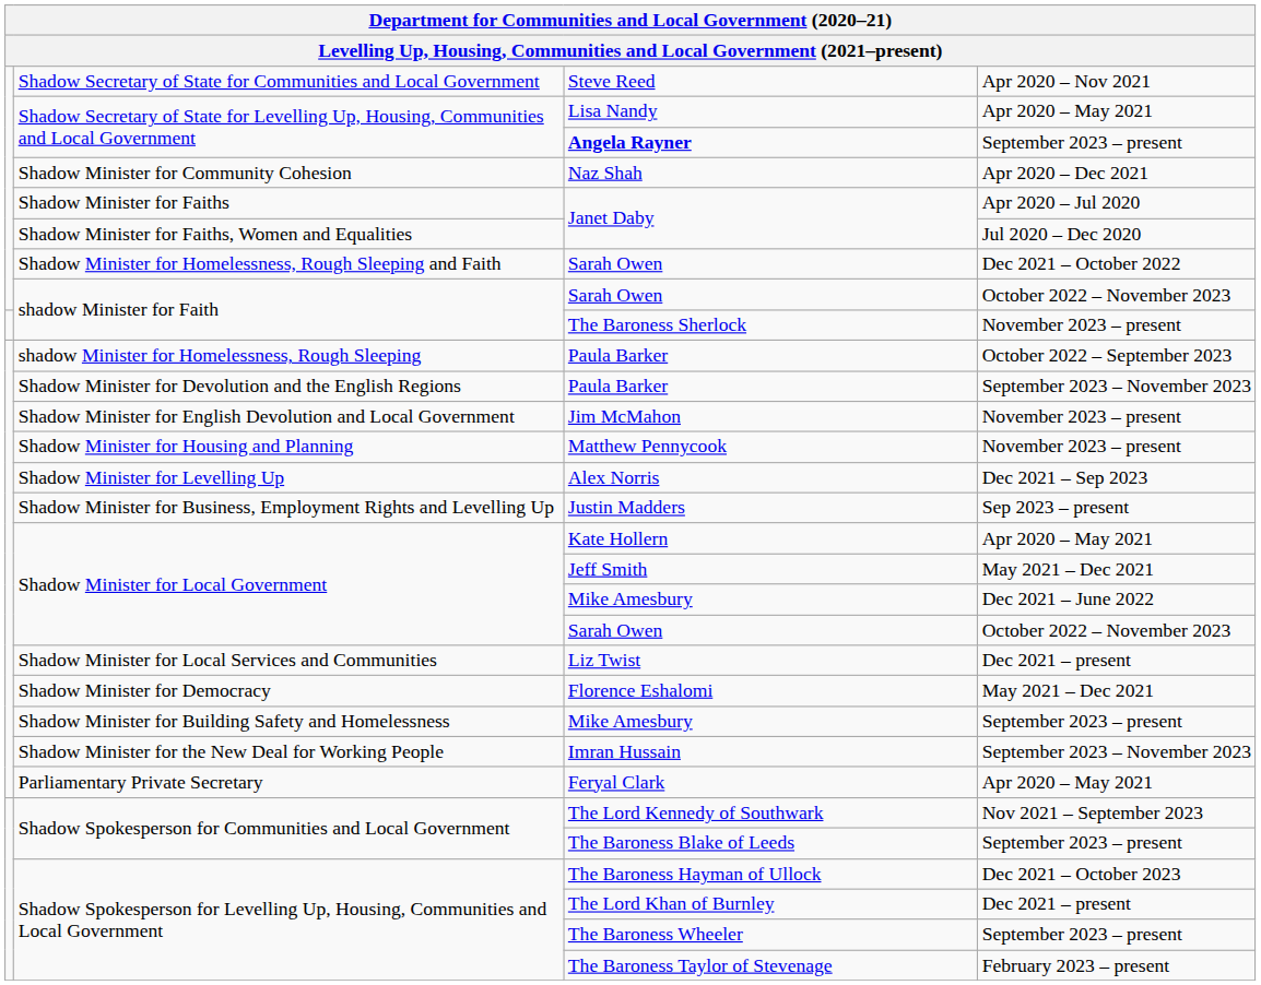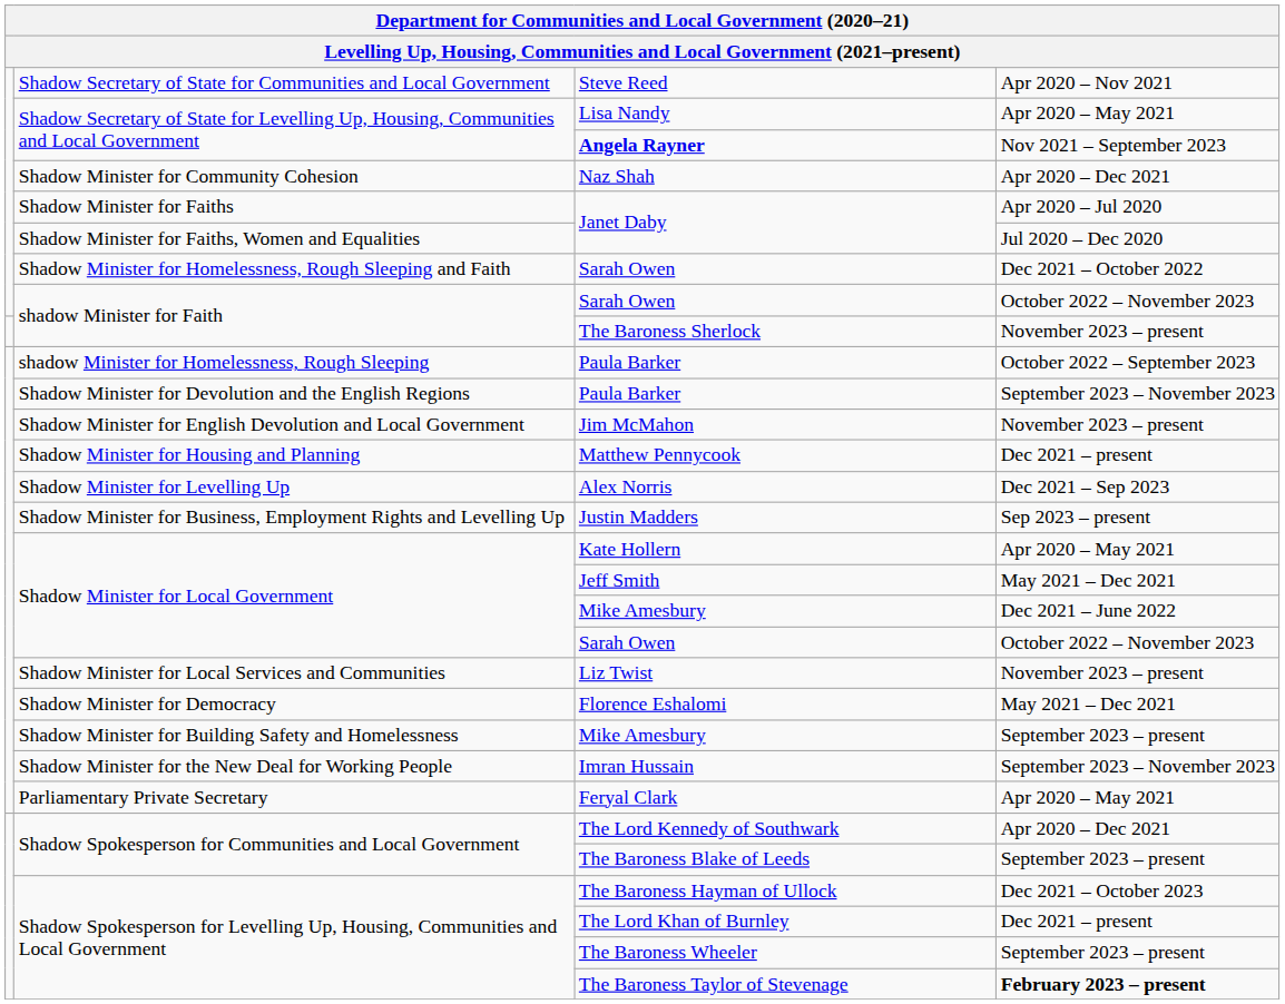 <table class="wikitable">
 <tr>
 <th colspan="4"><a href='#'>Department for Communities and Local Government</a> (2020–21)</th>
 </tr>
 <tr>
 <th colspan="4"><a href='#'>Levelling Up, Housing, Communities and Local Government</a> (2021–present)</th>
 </tr>
 <tr>
 <td rowspan="8" style="background: "></td>
 <td style="width: 450px;"><a href='#'>Shadow Secretary of State for Communities and Local Government</a></td>
 <td style="width: 337px;"><a href='#'>Steve Reed</a></td>
 <td>Apr 2020 – Nov 2021</td>
 </tr>
 <tr>
 <td rowspan="2"><a href='#'>Shadow Secretary of State for Levelling Up, Housing, Communities and Local Government</a></td>
 <td><a href='#'>Lisa Nandy</a></td>
 <td>Apr 2020 – May 2021</td>
 </tr>
 <tr>
 <td><strong><a href='#'>Angela Rayner</a></strong></td>
-<td>September 2023 – present</td>
+<td>Nov 2021 – September 2023</td>
 </tr>
 <tr>
 <td>Shadow Minister for Community Cohesion</td>
 <td><a href='#'>Naz Shah</a></td>
 <td>Apr 2020 – Dec 2021</td>
 </tr>
 <tr>
 <td>Shadow Minister for Faiths</td>
 <td rowspan="2"><a href='#'>Janet Daby</a></td>
 <td>Apr 2020 – Jul 2020</td>
 </tr>
 <tr>
 <td>Shadow Minister for Faiths, Women and Equalities</td>
 <td>Jul 2020 – Dec 2020</td>
 </tr>
 <tr>
 <td>Shadow <a href='#'>Minister for Homelessness, Rough Sleeping</a> and Faith</td>
 <td><a href='#'>Sarah Owen</a></td>
 <td>Dec 2021 – October 2022</td>
 </tr>
 <tr>
 <td rowspan="2">shadow Minister for Faith</td>
 <td><a href='#'>Sarah Owen</a></td>
 <td>October 2022 – November 2023</td>
 </tr>
 <tr>
 <td style="background: "></td>
 <td><a href='#'>The Baroness Sherlock</a></td>
 <td>November 2023 – present</td>
 </tr>
 <tr>
 <td rowspan="15" style="background: "></td>
 <td>shadow <a href='#'>Minister for Homelessness, Rough Sleeping</a></td>
 <td><a href='#'>Paula Barker</a></td>
 <td>October 2022 – September 2023</td>
 </tr>
 <tr>
 <td>Shadow Minister for Devolution and the English Regions</td>
 <td><a href='#'>Paula Barker</a></td>
 <td>September 2023 – November 2023</td>
 </tr>
 <tr>
 <td>Shadow Minister for English Devolution and Local Government</td>
 <td><a href='#'>Jim McMahon</a></td>
 <td>November 2023 – present</td>
 </tr>
 <tr>
 <td>Shadow <a href='#'>Minister for Housing and Planning</a></td>
 <td><a href='#'>Matthew Pennycook</a></td>
-<td>November 2023 – present</td>
+<td>Dec 2021 – present</td>
 </tr>
 <tr>
 <td>Shadow <a href='#'>Minister for Levelling Up</a></td>
 <td><a href='#'>Alex Norris</a></td>
 <td>Dec 2021 – Sep 2023</td>
 </tr>
 <tr>
 <td>Shadow Minister for Business, Employment Rights and Levelling Up</td>
 <td><a href='#'>Justin Madders</a></td>
 <td>Sep 2023 – present</td>
 </tr>
 <tr>
 <td rowspan="4">Shadow <a href='#'>Minister for Local Government</a></td>
 <td><a href='#'>Kate Hollern</a></td>
 <td>Apr 2020 – May 2021</td>
 </tr>
 <tr>
 <td><a href='#'>Jeff Smith</a></td>
 <td>May 2021 – Dec 2021</td>
 </tr>
 <tr>
 <td><a href='#'>Mike Amesbury</a></td>
 <td>Dec 2021 – June 2022</td>
 </tr>
 <tr>
 <td><a href='#'>Sarah Owen</a></td>
 <td>October 2022 – November 2023</td>
 </tr>
 <tr>
 <td>Shadow Minister for Local Services and Communities</td>
 <td><a href='#'>Liz Twist</a></td>
-<td>Dec 2021 – present</td>
+<td>November 2023 – present</td>
 </tr>
 <tr>
 <td>Shadow Minister for Democracy</td>
 <td><a href='#'>Florence Eshalomi</a></td>
 <td>May 2021 – Dec 2021</td>
 </tr>
 <tr>
 <td>Shadow Minister for Building Safety and Homelessness</td>
 <td><a href='#'>Mike Amesbury</a></td>
 <td>September 2023 – present</td>
 </tr>
 <tr>
 <td>Shadow Minister for the New Deal for Working People</td>
 <td><a href='#'>Imran Hussain</a></td>
 <td>September 2023 – November 2023</td>
 </tr>
 <tr>
 <td>Parliamentary Private Secretary</td>
 <td><a href='#'>Feryal Clark</a></td>
 <td>Apr 2020 – May 2021</td>
 </tr>
 <tr>
 <td rowspan="6" style="background: "></td>
 <td rowspan="2">Shadow Spokesperson for Communities and Local Government</td>
 <td><a href='#'>The Lord Kennedy of Southwark</a></td>
-<td>Nov 2021 – September 2023</td>
+<td>Apr 2020 – Dec 2021</td>
 </tr>
 <tr>
 <td><a href='#'>The Baroness Blake of Leeds</a></td>
 <td>September 2023 – present</td>
 </tr>
 <tr>
 <td rowspan="4">Shadow Spokesperson for Levelling Up, Housing, Communities and Local Government</td>
 <td><a href='#'>The Baroness Hayman of Ullock</a></td>
 <td>Dec 2021 – October 2023</td>
 </tr>
 <tr>
 <td><a href='#'>The Lord Khan of Burnley</a></td>
 <td>Dec 2021 – present</td>
 </tr>
 <tr>
 <td><a href='#'>The Baroness Wheeler</a></td>
 <td>September 2023 – present</td>
 </tr>
 <tr>
 <td><a href='#'>The Baroness Taylor of Stevenage</a></td>
-<td>February 2023 – present</td>
+<td><strong>February 2023 – present</strong></td>
 </tr>
 </table>
